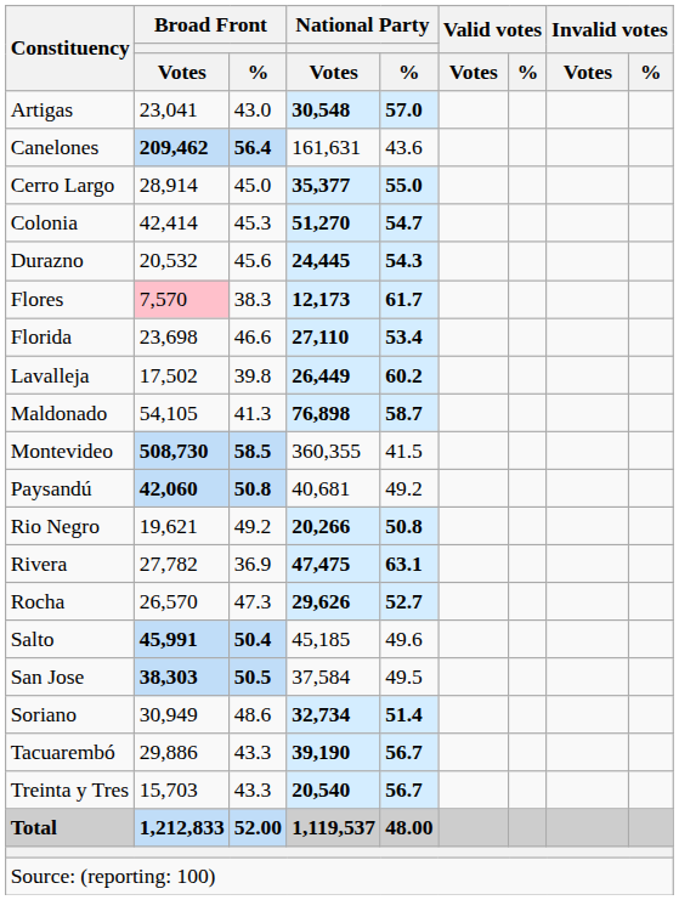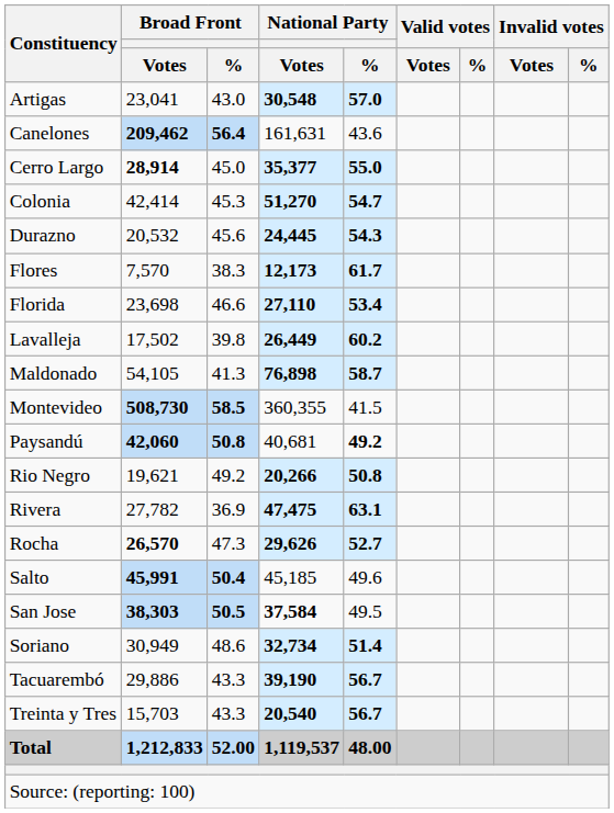 <table class="wikitable sortable collapsible collapsed tpl-blanktable" style="text-align:left; font-size:95%; line-height:20px;">
 <tr>
 <th rowspan="3">Constituency</th>
 <th colspan="2" width="30px" class="unsortable">Broad Front</th>
 <th colspan="2" width="30px" class="unsortable">National Party</th>
 <th colspan="2" rowspan="2">Valid votes</th>
 <th colspan="2" rowspan="2">Invalid votes</th>
 </tr>
 <tr>
 <th colspan="2" style="background:"></th>
 <th colspan="2" style="background:"></th>
 </tr>
 <tr>
 <th data-sort-type="number">Votes</th>
 <th>%</th>
 <th data-sort-type="number">Votes</th>
 <th>%</th>
 <th>Votes</th>
 <th>%</th>
 <th>Votes</th>
 <th>%</th>
 </tr>
 <tr>
 <td align="left">Artigas</td>
 <td>23,041</td>
 <td>43.0</td>
 <td style="background:#D4EDFF;"><strong>30,548</strong></td>
 <td style="background:#D4EDFF;"><strong>57.0</strong></td>
 <td></td>
 <td></td>
 <td></td>
 <td></td>
 </tr>
 <tr>
 <td align="left">Canelones</td>
 <td style="background:#C0DDF8;"><strong>209,462</strong></td>
 <td style="background:#C0DDF8;"><strong>56.4</strong></td>
 <td>161,631</td>
 <td>43.6</td>
 <td></td>
 <td></td>
 <td></td>
 <td></td>
 </tr>
 <tr>
 <td align="left">Cerro Largo</td>
-<td>28,914</td>
+<td><strong>28,914</strong></td>
 <td>45.0</td>
 <td style="background:#D4EDFF;"><strong>35,377</strong></td>
 <td style="background:#D4EDFF;"><strong>55.0</strong></td>
 <td></td>
 <td></td>
 <td></td>
 <td></td>
 </tr>
 <tr>
 <td align="left">Colonia</td>
 <td>42,414</td>
 <td>45.3</td>
 <td style="background:#D4EDFF;"><strong>51,270</strong></td>
 <td style="background:#D4EDFF;"><strong>54.7</strong></td>
 <td></td>
 <td></td>
 <td></td>
 <td></td>
 </tr>
 <tr>
 <td align="left">Durazno</td>
 <td>20,532</td>
 <td>45.6</td>
 <td style="background:#D4EDFF;"><strong>24,445</strong></td>
 <td style="background:#D4EDFF;"><strong>54.3</strong></td>
 <td></td>
 <td></td>
 <td></td>
 <td></td>
 </tr>
 <tr>
 <td align="left">Flores</td>
-<td style="background: pink;">7,570</td>
+<td>7,570</td>
 <td>38.3</td>
 <td style="background:#D4EDFF;"><strong>12,173</strong></td>
 <td style="background:#D4EDFF;"><strong>61.7</strong></td>
 <td></td>
 <td></td>
 <td></td>
 <td></td>
 </tr>
 <tr>
 <td align="left">Florida</td>
 <td>23,698</td>
 <td>46.6</td>
 <td style="background:#D4EDFF;"><strong>27,110</strong></td>
 <td style="background:#D4EDFF;"><strong>53.4</strong></td>
 <td></td>
 <td></td>
 <td></td>
 <td></td>
 </tr>
 <tr>
 <td align="left">Lavalleja</td>
 <td>17,502</td>
 <td>39.8</td>
 <td style="background:#D4EDFF;"><strong>26,449</strong></td>
 <td style="background:#D4EDFF;"><strong>60.2</strong></td>
 <td></td>
 <td></td>
 <td></td>
 <td></td>
 </tr>
 <tr>
 <td align="left">Maldonado</td>
 <td>54,105</td>
 <td>41.3</td>
 <td style="background:#D4EDFF;"><strong>76,898</strong></td>
 <td style="background:#D4EDFF;"><strong>58.7</strong></td>
 <td></td>
 <td></td>
 <td></td>
 <td></td>
 </tr>
 <tr>
 <td align="left">Montevideo</td>
 <td style="background:#C0DDF8;"><strong>508,730</strong></td>
 <td style="background:#C0DDF8;"><strong>58.5</strong></td>
 <td>360,355</td>
 <td>41.5</td>
 <td></td>
 <td></td>
 <td></td>
 <td></td>
 </tr>
 <tr>
 <td align="left">Paysandú</td>
 <td style="background:#C0DDF8;"><strong>42,060</strong></td>
 <td style="background:#C0DDF8;"><strong>50.8</strong></td>
 <td>40,681</td>
-<td>49.2</td>
+<td><strong>49.2</strong></td>
 <td></td>
 <td></td>
 <td></td>
 <td></td>
 </tr>
 <tr>
 <td align="left">Rio Negro</td>
 <td>19,621</td>
 <td>49.2</td>
 <td style="background:#D4EDFF;"><strong>20,266</strong></td>
 <td style="background:#D4EDFF;"><strong>50.8</strong></td>
 <td></td>
 <td></td>
 <td></td>
 <td></td>
 </tr>
 <tr>
 <td align="left">Rivera</td>
 <td>27,782</td>
 <td>36.9</td>
 <td style="background:#D4EDFF;"><strong>47,475</strong></td>
 <td style="background:#D4EDFF;"><strong>63.1</strong></td>
 <td></td>
 <td></td>
 <td></td>
 <td></td>
 </tr>
 <tr>
 <td align="left">Rocha</td>
-<td>26,570</td>
+<td><strong>26,570</strong></td>
 <td>47.3</td>
 <td style="background:#D4EDFF;"><strong>29,626</strong></td>
 <td style="background:#D4EDFF;"><strong>52.7</strong></td>
 <td></td>
 <td></td>
 <td></td>
 <td></td>
 </tr>
 <tr>
 <td align="left">Salto</td>
 <td style="background:#C0DDF8;"><strong>45,991</strong></td>
 <td style="background:#C0DDF8;"><strong>50.4</strong></td>
 <td>45,185</td>
 <td>49.6</td>
 <td></td>
 <td></td>
 <td></td>
 <td></td>
 </tr>
 <tr>
 <td align="left">San Jose</td>
 <td style="background:#C0DDF8;"><strong>38,303</strong></td>
 <td style="background:#C0DDF8;"><strong>50.5</strong></td>
-<td>37,584</td>
+<td><strong>37,584</strong></td>
 <td>49.5</td>
 <td></td>
 <td></td>
 <td></td>
 <td></td>
 </tr>
 <tr>
 <td align="left">Soriano</td>
 <td>30,949</td>
 <td>48.6</td>
 <td style="background:#D4EDFF;"><strong>32,734</strong></td>
 <td style="background:#D4EDFF;"><strong>51.4</strong></td>
 <td></td>
 <td></td>
 <td></td>
 <td></td>
 </tr>
 <tr>
 <td align="left">Tacuarembó</td>
 <td>29,886</td>
 <td>43.3</td>
 <td style="background:#D4EDFF;"><strong>39,190</strong></td>
 <td style="background:#D4EDFF;"><strong>56.7</strong></td>
 <td></td>
 <td></td>
 <td></td>
 <td></td>
 </tr>
 <tr>
 <td align="left">Treinta y Tres</td>
 <td>15,703</td>
 <td>43.3</td>
 <td style="background:#D4EDFF;"><strong>20,540</strong></td>
 <td style="background:#D4EDFF;"><strong>56.7</strong></td>
 <td></td>
 <td></td>
 <td></td>
 <td></td>
 </tr>
 <tr style="background:#CDCDCD;">
 <td align="left"><strong>Total</strong></td>
 <td style="background:#C0DDF8;"><strong>1,212,833</strong></td>
 <td style="background:#C0DDF8;"><strong>52.00</strong></td>
 <td><strong>1,119,537</strong></td>
 <td><strong>48.00</strong></td>
 <td></td>
 <td></td>
 <td></td>
 <td></td>
 </tr>
 <tr>
 <th colspan="9"></th>
 </tr>
 <tr>
 <th colspan="9" style="text-align:left; font-weight:normal; background:#F9F9F9">Source:  (reporting: 100)</th>
 </tr>
 </table>
